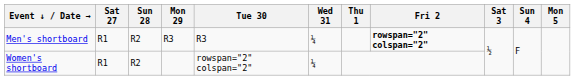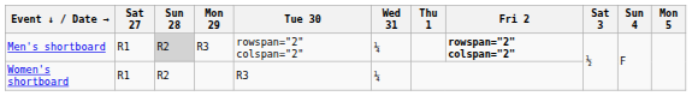 <table class="wikitable olympic-schedule surfing">
 <tr>
 <th>Event ↓ / Date →</th>
 <th>Sat 27</th>
 <th>Sun 28</th>
 <th>Mon 29</th>
 <th>Tue 30</th>
 <th>Wed 31</th>
 <th>Thu 1</th>
 <th>Fri 2</th>
 <th>Sat 3</th>
 <th>Sun 4</th>
 <th colspan="2">Mon 5</th>
 </tr>
 <tr>
 <td class="event"><a href='#'>Men's shortboard</a></td>
 <td class="heats">R1</td>
-<td class="heats">R2</td>
+<td class="heats" style="background: lightgrey;">R2</td>
 <td class="heats">R3</td>
-<td class="heats">R3</td>
+<td>rowspan="2" colspan="2" </td>
 <td class="quarterfinals">¼</td>
 <td> </td>
 <td><strong>rowspan="2" colspan="2" </strong></td>
 <td rowspan="2" class="semifinals">½</td>
 <td rowspan="2" class="final">F</td>
 </tr>
 <tr>
 <td class="event"><a href='#'>Women's shortboard</a></td>
 <td class="heats">R1</td>
 <td class="heats">R2</td>
 <td> <br></td>
-<td>rowspan="2" colspan="2" </td>
+<td class="heats">R3</td>
 <td class="quarterfinals">¼</td>
 </tr>
 </table>
